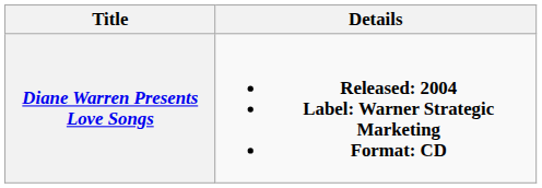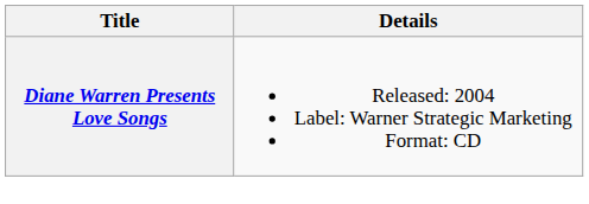 <table class="wikitable plainrowheaders" style="text-align:center;" border="1">
 <tr>
 <th scope="col" style="width:11em;">Title</th>
 <th scope="col" style="width:17em;">Details</th>
 </tr>
 <tr>
 <th scope="row"><em><a href='#'>Diane Warren Presents Love Songs</a></em></th>
-<td><strong><br><ul><li>Released: 2004</li><li>Label: Warner Strategic Marketing</li><li>Format: CD</li></ul></strong></td>
+<td><br><ul><li>Released: 2004</li><li>Label: Warner Strategic Marketing</li><li>Format: CD</li></ul></td>
 </tr>
 </table>
